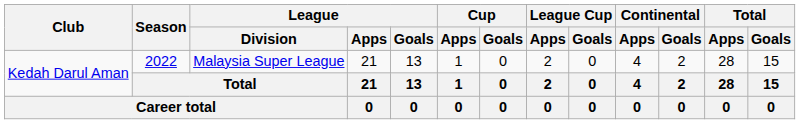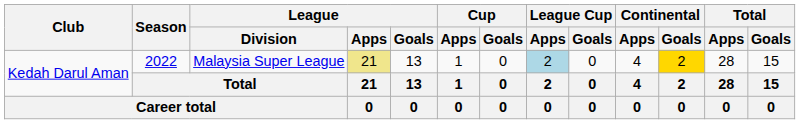 <table class="wikitable" style="text-align: center;">
 <tr>
 <th rowspan="2">Club</th>
 <th rowspan="2">Season</th>
 <th colspan="3">League</th>
 <th colspan="2">Cup</th>
 <th colspan="2">League Cup</th>
 <th colspan="2">Continental</th>
 <th colspan="2">Total</th>
 </tr>
 <tr>
 <th>Division</th>
 <th>Apps</th>
 <th>Goals</th>
 <th>Apps</th>
 <th>Goals</th>
 <th>Apps</th>
 <th>Goals</th>
 <th>Apps</th>
 <th>Goals</th>
 <th>Apps</th>
 <th>Goals</th>
 </tr>
 <tr>
 <td rowspan="2" valign="center"><a href='#'>Kedah Darul Aman</a></td>
 <td><a href='#'>2022</a></td>
 <td><a href='#'>Malaysia Super League</a></td>
-<td>21</td>
+<td style="background: khaki;">21</td>
 <td>13</td>
 <td>1</td>
 <td>0</td>
-<td>2</td>
+<td style="background: lightblue;">2</td>
 <td>0</td>
 <td>4</td>
-<td>2</td>
+<td style="background: gold;">2</td>
 <td>28</td>
 <td>15</td>
 </tr>
 <tr>
 <th colspan="2">Total</th>
 <th>21</th>
 <th>13</th>
 <th>1</th>
 <th>0</th>
 <th>2</th>
 <th>0</th>
 <th>4</th>
 <th>2</th>
 <th>28</th>
 <th>15</th>
 </tr>
 <tr>
 <th colspan="3">Career total</th>
 <th>0</th>
 <th>0</th>
 <th>0</th>
 <th>0</th>
 <th>0</th>
 <th>0</th>
 <th>0</th>
 <th>0</th>
 <th>0</th>
 <th>0</th>
 </tr>
 </table>
